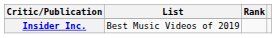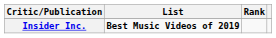 <table class="wikitable plainrowheaders sortable">
 <tr>
 <th>Critic/Publication</th>
 <th scope="col" class="unsortable">List</th>
 <th data-sort-type="number">Rank</th>
 <th scope="col" class="unsortable"></th>
 </tr>
 <tr>
 </tr>
 <tr>
 <th scope="row" rowspan="1"><strong><a href='#'>Insider Inc.</a></strong></th>
-<td>Best Music Videos of 2019</td>
+<td><strong>Best Music Videos of 2019</strong></td>
 <td></td>
 <td style="text-align:center;"></td>
 </tr>
 </table>
